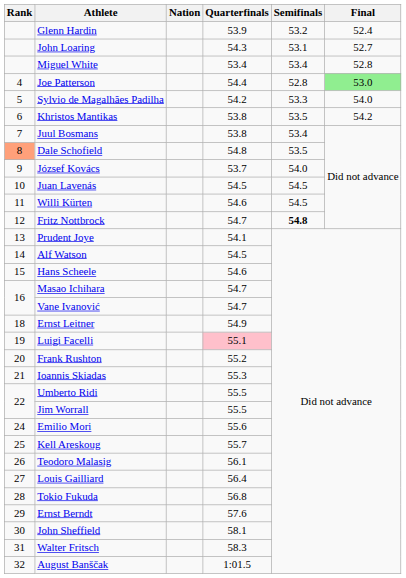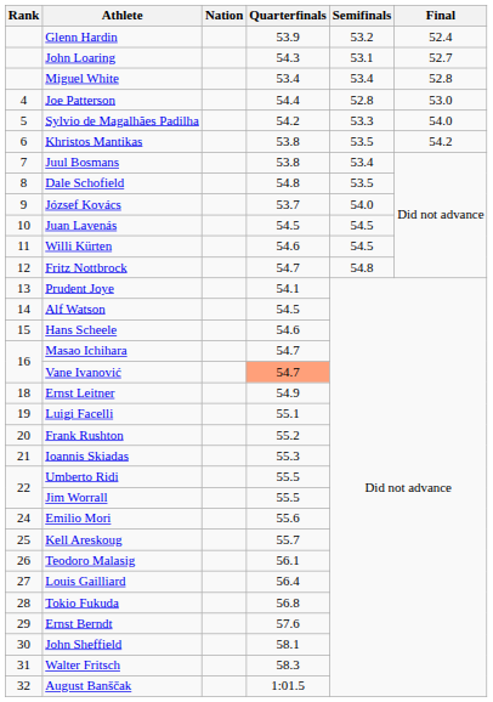 <table class="wikitable sortable" style="text-align:center">
 <tr>
 <th>Rank</th>
 <th>Athlete</th>
 <th>Nation</th>
 <th>Quarterfinals</th>
 <th>Semifinals</th>
 <th>Final</th>
 </tr>
 <tr>
 <td></td>
 <td align=left><a href='#'>Glenn Hardin</a></td>
 <td align=left></td>
 <td>53.9</td>
 <td>53.2</td>
 <td>52.4</td>
 </tr>
 <tr>
 <td></td>
 <td align=left><a href='#'>John Loaring</a></td>
 <td align=left></td>
 <td>54.3</td>
 <td>53.1</td>
 <td>52.7</td>
 </tr>
 <tr>
 <td></td>
 <td align=left><a href='#'>Miguel White</a></td>
 <td align=left></td>
 <td>53.4</td>
 <td>53.4</td>
 <td>52.8</td>
 </tr>
 <tr>
 <td>4</td>
 <td align=left><a href='#'>Joe Patterson</a></td>
 <td align=left></td>
 <td>54.4</td>
 <td>52.8</td>
-<td style="background: lightgreen;">53.0</td>
+<td>53.0</td>
 </tr>
 <tr>
 <td>5</td>
 <td align=left><a href='#'>Sylvio de Magalhães Padilha</a></td>
 <td align=left></td>
 <td>54.2</td>
 <td>53.3</td>
 <td>54.0</td>
 </tr>
 <tr>
 <td>6</td>
 <td align=left><a href='#'>Khristos Mantikas</a></td>
 <td align=left></td>
 <td>53.8</td>
 <td>53.5</td>
 <td>54.2</td>
 </tr>
 <tr>
 <td>7</td>
 <td align=left><a href='#'>Juul Bosmans</a></td>
 <td align=left></td>
 <td>53.8</td>
 <td>53.4</td>
 <td rowspan=6 data-sort-value=99.9>Did not advance</td>
 </tr>
 <tr>
-<td style="background: lightsalmon;">8</td>
+<td>8</td>
 <td align=left><a href='#'>Dale Schofield</a></td>
 <td align=left></td>
 <td>54.8</td>
 <td>53.5</td>
 </tr>
 <tr>
 <td>9</td>
 <td align=left><a href='#'>József Kovács</a></td>
 <td align=left></td>
 <td>53.7</td>
 <td>54.0</td>
 </tr>
 <tr>
 <td>10</td>
 <td align=left><a href='#'>Juan Lavenás</a></td>
 <td align=left></td>
 <td>54.5</td>
 <td>54.5</td>
 </tr>
 <tr>
 <td>11</td>
 <td align=left><a href='#'>Willi Kürten</a></td>
 <td align=left></td>
 <td>54.6</td>
 <td>54.5</td>
 </tr>
 <tr>
 <td>12</td>
 <td align=left><a href='#'>Fritz Nottbrock</a></td>
 <td align=left></td>
 <td>54.7</td>
-<td><strong>54.8</strong></td>
+<td>54.8</td>
 </tr>
 <tr>
 <td>13</td>
 <td align=left><a href='#'>Prudent Joye</a></td>
 <td align=left></td>
 <td>54.1</td>
 <td rowspan=20 colspan=2 data-sort-value=99.9>Did not advance</td>
 </tr>
 <tr>
 <td>14</td>
 <td align=left><a href='#'>Alf Watson</a></td>
 <td align=left></td>
 <td>54.5</td>
 </tr>
 <tr>
 <td>15</td>
 <td align=left><a href='#'>Hans Scheele</a></td>
 <td align=left></td>
 <td>54.6</td>
 </tr>
 <tr>
 <td rowspan=2>16</td>
 <td align=left><a href='#'>Masao Ichihara</a></td>
 <td align=left></td>
 <td>54.7</td>
 </tr>
 <tr>
 <td align=left><a href='#'>Vane Ivanović</a></td>
 <td align=left></td>
-<td>54.7</td>
+<td style="background: lightsalmon;">54.7</td>
 </tr>
 <tr>
 <td>18</td>
 <td align=left><a href='#'>Ernst Leitner</a></td>
 <td align=left></td>
 <td>54.9</td>
 </tr>
 <tr>
 <td>19</td>
 <td align=left><a href='#'>Luigi Facelli</a></td>
 <td align=left></td>
-<td style="background: pink;">55.1</td>
+<td>55.1</td>
 </tr>
 <tr>
 <td>20</td>
 <td align=left><a href='#'>Frank Rushton</a></td>
 <td align=left></td>
 <td>55.2</td>
 </tr>
 <tr>
 <td>21</td>
 <td align=left><a href='#'>Ioannis Skiadas</a></td>
 <td align=left></td>
 <td>55.3</td>
 </tr>
 <tr>
 <td rowspan=2>22</td>
 <td align=left><a href='#'>Umberto Ridi</a></td>
 <td align=left></td>
 <td>55.5</td>
 </tr>
 <tr>
 <td align=left><a href='#'>Jim Worrall</a></td>
 <td align=left></td>
 <td>55.5</td>
 </tr>
 <tr>
 <td>24</td>
 <td align=left><a href='#'>Emilio Mori</a></td>
 <td align=left></td>
 <td>55.6</td>
 </tr>
 <tr>
 <td>25</td>
 <td align=left><a href='#'>Kell Areskoug</a></td>
 <td align=left></td>
 <td>55.7</td>
 </tr>
 <tr>
 <td>26</td>
 <td align=left><a href='#'>Teodoro Malasig</a></td>
 <td align=left></td>
 <td>56.1</td>
 </tr>
 <tr>
 <td>27</td>
 <td align=left><a href='#'>Louis Gailliard</a></td>
 <td align=left></td>
 <td>56.4</td>
 </tr>
 <tr>
 <td>28</td>
 <td align=left><a href='#'>Tokio Fukuda</a></td>
 <td align=left></td>
 <td>56.8</td>
 </tr>
 <tr>
 <td>29</td>
 <td align=left><a href='#'>Ernst Berndt</a></td>
 <td align=left></td>
 <td>57.6</td>
 </tr>
 <tr>
 <td>30</td>
 <td align=left><a href='#'>John Sheffield</a></td>
 <td align=left></td>
 <td>58.1</td>
 </tr>
 <tr>
 <td>31</td>
 <td align=left><a href='#'>Walter Fritsch</a></td>
 <td align=left></td>
 <td>58.3</td>
 </tr>
 <tr>
 <td>32</td>
 <td align=left><a href='#'>August Banščak</a></td>
 <td align=left></td>
 <td data-sort-value=61.5>1:01.5</td>
 </tr>
 </table>
